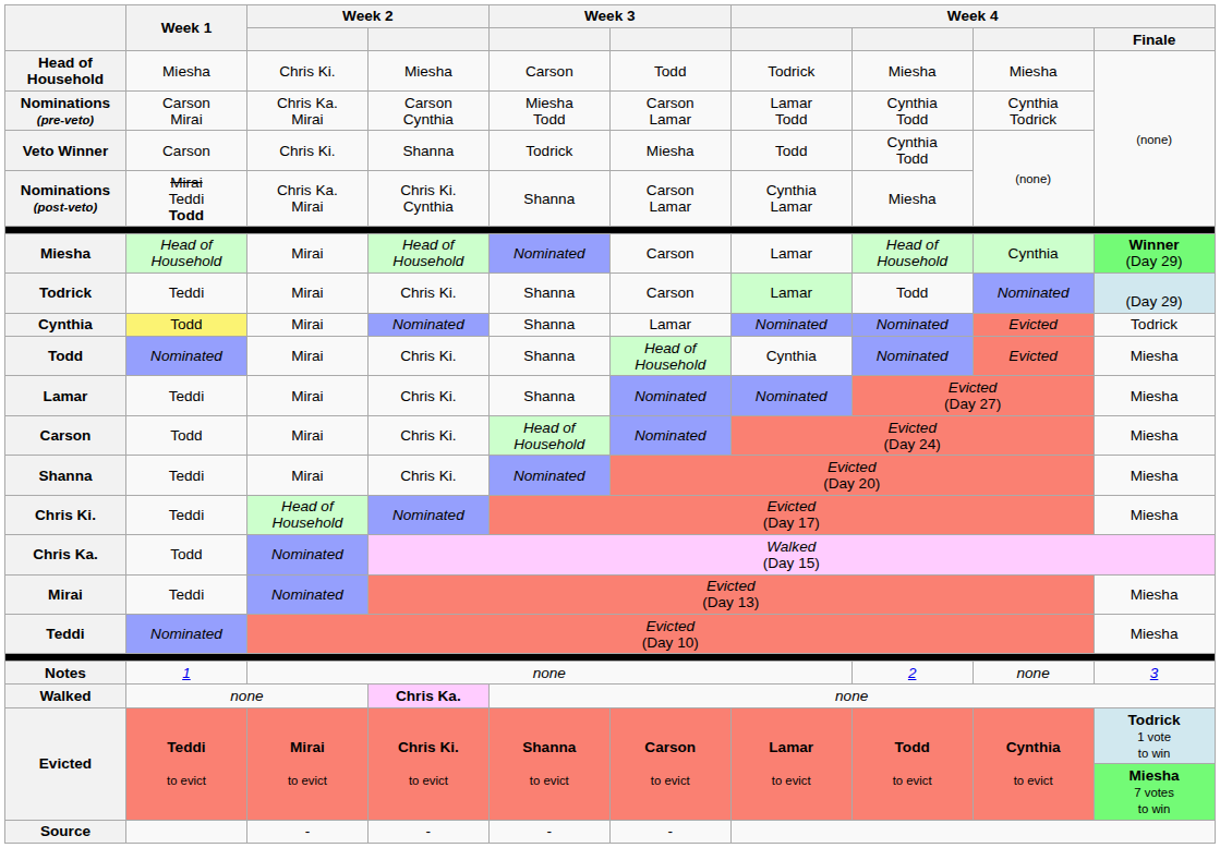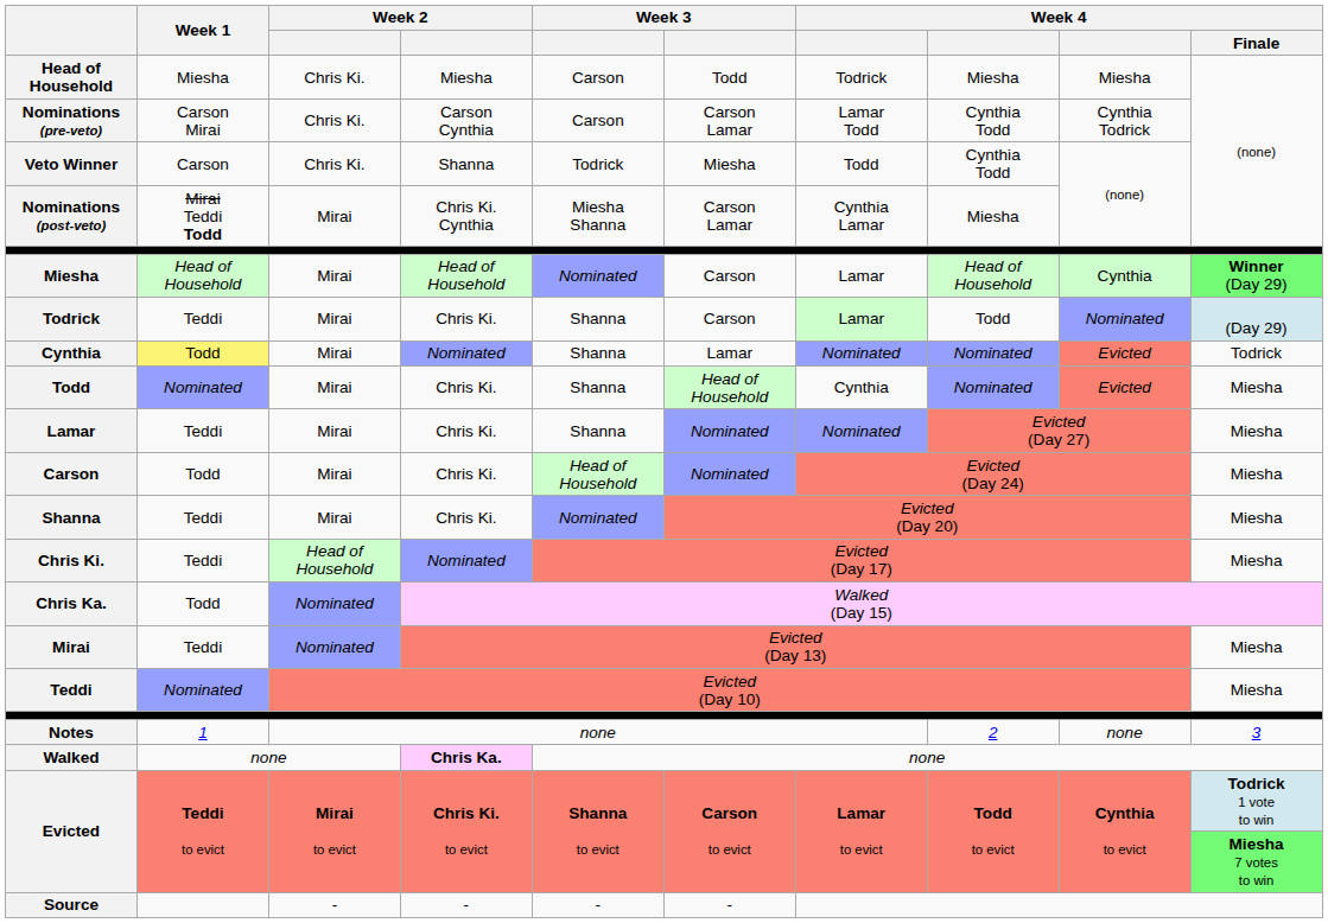 <table class="wikitable" style="text-align:center; font-size:85%">
 <tr>
 <th style="width:8%" rowspan="2"></th>
 <th style="width:8%" rowspan="2">Week 1</th>
 <th style="width:8%" colspan=2>Week 2</th>
 <th style="width:8%" colspan=2>Week 3</th>
 <th style="width:8%" colspan=4>Week 4</th>
 </tr>
 <tr>
 <th style="width:8%"></th>
 <th style="width:8%"></th>
 <th style="width:8%"></th>
 <th style="width:8%"></th>
 <th style="width:8%"></th>
 <th style="width:8%"></th>
 <th style="width:8%"></th>
 <th style="width:8%">Finale</th>
 </tr>
 <tr>
 <th>Head of<br>Household</th>
 <td>Miesha</td>
 <td>Chris Ki.</td>
 <td>Miesha</td>
 <td>Carson</td>
 <td>Todd</td>
 <td>Todrick</td>
 <td>Miesha</td>
 <td>Miesha</td>
 <td rowspan="4"><small>(none)</small></td>
 </tr>
 <tr>
 <th>Nominations<br><small><em>(pre-veto)</em></small></th>
 <td>Carson<br>Mirai</td>
-<td>Chris Ka.<br>Mirai</td>
+<td>Chris Ki.</td>
 <td>Carson<br>Cynthia</td>
-<td>Miesha<br>Todd</td>
+<td>Carson</td>
 <td>Carson<br>Lamar</td>
 <td>Lamar<br>Todd</td>
 <td>Cynthia<br>Todd</td>
 <td>Cynthia<br>Todrick</td>
 </tr>
 <tr>
 <th>Veto Winner</th>
 <td>Carson</td>
 <td>Chris Ki.</td>
 <td>Shanna</td>
 <td>Todrick</td>
 <td>Miesha</td>
 <td>Todd</td>
 <td>Cynthia<br>Todd</td>
 <td rowspan="2"><small>(none)</small></td>
 </tr>
 <tr>
 <th>Nominations<br><small><em>(post-veto)</em></small></th>
 <td><s>Mirai</s><br> Teddi<br><strong>Todd</strong></td>
-<td>Chris Ka.<br>Mirai</td>
+<td>Mirai</td>
 <td>Chris Ki.<br>Cynthia</td>
-<td>Shanna</td>
+<td>Miesha<br>Shanna</td>
 <td>Carson<br>Lamar</td>
 <td>Cynthia<br>Lamar</td>
 <td>Miesha</td>
 </tr>
 <tr>
 <td colspan="11" style="background:#000000"></td>
 </tr>
 <tr>
 <th>Miesha</th>
 <td style="background:#cfc"><em>Head of</em><br><em>Household</em></td>
 <td>Mirai</td>
 <td style="background:#cfc"><em>Head of</em><br><em>Household</em></td>
 <td style="background:#959ffd"><em>Nominated</em></td>
 <td>Carson</td>
 <td>Lamar</td>
 <td style="background:#cfc"><em>Head of</em><br><em>Household</em></td>
 <td style="background:#cfc">Cynthia</td>
 <td style="background:#73FB76"><strong>Winner</strong><br>(Day 29)</td>
 </tr>
 <tr>
 <th>Todrick</th>
 <td>Teddi</td>
 <td>Mirai</td>
 <td>Chris Ki.</td>
 <td>Shanna</td>
 <td>Carson</td>
 <td style="background:#cfc">Lamar</td>
 <td>Todd</td>
 <td style="background:#959ffd"><em>Nominated</em></td>
 <td style="background:#D1E8EF"><strong></strong><br>(Day 29)</td>
 </tr>
 <tr>
 <th>Cynthia</th>
 <td style="background:#FBF373">Todd</td>
 <td>Mirai</td>
 <td style="background:#959ffd"><em>Nominated</em></td>
 <td>Shanna</td>
 <td>Lamar</td>
 <td style="background:#959ffd"><em>Nominated</em></td>
 <td style="background:#959ffd"><em>Nominated</em></td>
 <td style="background:salmon"><em>Evicted</em><br></td>
 <td>Todrick</td>
 </tr>
 <tr>
 <th>Todd</th>
 <td style="background:#959ffd"><em>Nominated</em></td>
 <td>Mirai</td>
 <td>Chris Ki.</td>
 <td>Shanna</td>
 <td style="background:#cfc"><em>Head of</em><br><em>Household</em></td>
 <td>Cynthia</td>
 <td style="background:#959ffd"><em>Nominated</em></td>
 <td style="background:salmon"><em>Evicted</em><br></td>
 <td>Miesha</td>
 </tr>
 <tr>
 <th>Lamar</th>
 <td>Teddi</td>
 <td>Mirai</td>
 <td>Chris Ki.</td>
 <td>Shanna</td>
 <td style="background:#959ffd"><em>Nominated</em></td>
 <td style="background:#959ffd"><em>Nominated</em></td>
 <td colspan="2" style="background:salmon"><em>Evicted</em><br>(Day 27)</td>
 <td>Miesha</td>
 </tr>
 <tr>
 <th>Carson</th>
 <td>Todd</td>
 <td>Mirai</td>
 <td>Chris Ki.</td>
 <td style="background:#cfc"><em>Head of</em><br><em>Household</em></td>
 <td style="background:#959ffd"><em>Nominated</em></td>
 <td colspan="3" style="background:salmon"><em>Evicted</em><br>(Day 24)</td>
 <td>Miesha</td>
 </tr>
 <tr>
 <th>Shanna</th>
 <td>Teddi</td>
 <td>Mirai</td>
 <td>Chris Ki.</td>
 <td style="background:#959ffd"><em>Nominated</em></td>
 <td colspan="4" style="background:salmon"><em>Evicted</em><br>(Day 20)</td>
 <td>Miesha</td>
 </tr>
 <tr>
 <th>Chris Ki.</th>
 <td>Teddi</td>
 <td style="background:#cfc"><em>Head of</em><br><em>Household</em></td>
 <td style="background:#959ffd"><em>Nominated</em></td>
 <td colspan="5" style="background:salmon"><em>Evicted</em><br>(Day 17)</td>
 <td>Miesha</td>
 </tr>
 <tr>
 <th>Chris Ka.</th>
 <td>Todd</td>
 <td style="background:#959ffd"><em>Nominated</em></td>
 <td colspan="7" style="background:#fcf"><em>Walked</em><br>(Day 15)</td>
 </tr>
 <tr>
 <th>Mirai</th>
 <td>Teddi</td>
 <td style="background:#959ffd"><em>Nominated</em></td>
 <td colspan="6" style="background:salmon"><em>Evicted</em><br>(Day 13)</td>
 <td>Miesha</td>
 </tr>
 <tr>
 <th>Teddi</th>
 <td style="background:#959ffd"><em>Nominated</em></td>
 <td colspan="7" style="background:salmon"><em>Evicted</em><br>(Day 10)</td>
 <td>Miesha</td>
 </tr>
 <tr>
 <th colspan="11" style="background:#000"></th>
 </tr>
 <tr>
 <th>Notes</th>
 <td><em><a href='#'>1</a></em></td>
 <td colspan="5"><em>none</em></td>
 <td><em><a href='#'>2</a></em></td>
 <td><em>none</em></td>
 <td><em><a href='#'>3</a></em></td>
 </tr>
 <tr>
 <th>Walked</th>
 <td colspan="2"><em>none</em></td>
 <td style="background:#fcf"><strong>Chris Ka.</strong></td>
 <td colspan="6"><em>none</em></td>
 </tr>
 <tr>
 <th rowspan="2">Evicted</th>
 <td style="background:salmon" rowspan="2"><strong>Teddi</strong><br><small><br> to evict</small></td>
 <td style="background:salmon" rowspan="2"><strong>Mirai</strong><br><small><br> to evict</small></td>
 <td style="background:salmon" rowspan="2"><strong>Chris Ki.</strong><br><small><br> to evict</small></td>
 <td style="background:salmon" rowspan="2"><strong>Shanna</strong><br><small><br>to evict</small></td>
 <td style="background:salmon" rowspan="2"><strong>Carson</strong><br><small><br>to evict</small></td>
 <td style="background:salmon" rowspan="2"><strong>Lamar</strong><br><small><br>to evict</small></td>
 <td style="background:salmon" rowspan="2"><strong>Todd</strong><br><small><br>to evict</small></td>
 <td style="background:salmon" rowspan="2"><strong>Cynthia</strong><br><small><br>to evict</small></td>
 <td style="background:#D1E8EF"><strong>Todrick</strong><br><small>1 vote<br>to win</small></td>
 </tr>
 <tr>
 <td style="background:#73FB76"><strong>Miesha</strong><br><small>7 votes<br>to win</small></td>
 </tr>
 <tr>
 <th>Source</th>
 <td></td>
 <td>-</td>
 <td>-</td>
 <td>-</td>
 <td>-</td>
 <td colspan="4"></td>
 </tr>
 </table>
